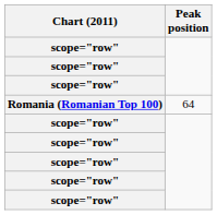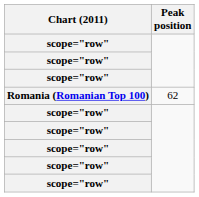 <table class="wikitable plainrowheaders sortable">
 <tr>
 <th scope="col">Chart (2011)</th>
 <th scope="col">Peak<br>position</th>
 </tr>
 <tr>
 <th>scope="row"</th>
 </tr>
 <tr>
 <th>scope="row"</th>
 </tr>
 <tr>
 <th>scope="row"</th>
 </tr>
 <tr>
 <th scope="row">Romania (<a href='#'>Romanian Top 100</a>)</th>
-<td style="text-align:center;">64</td>
+<td style="text-align:center;">62</td>
 </tr>
 <tr>
 <th>scope="row"</th>
 </tr>
 <tr>
 <th>scope="row"</th>
 </tr>
 <tr>
 <th>scope="row"</th>
 </tr>
 <tr>
 <th>scope="row"</th>
 </tr>
 <tr>
 <th>scope="row"</th>
 </tr>
 </table>
